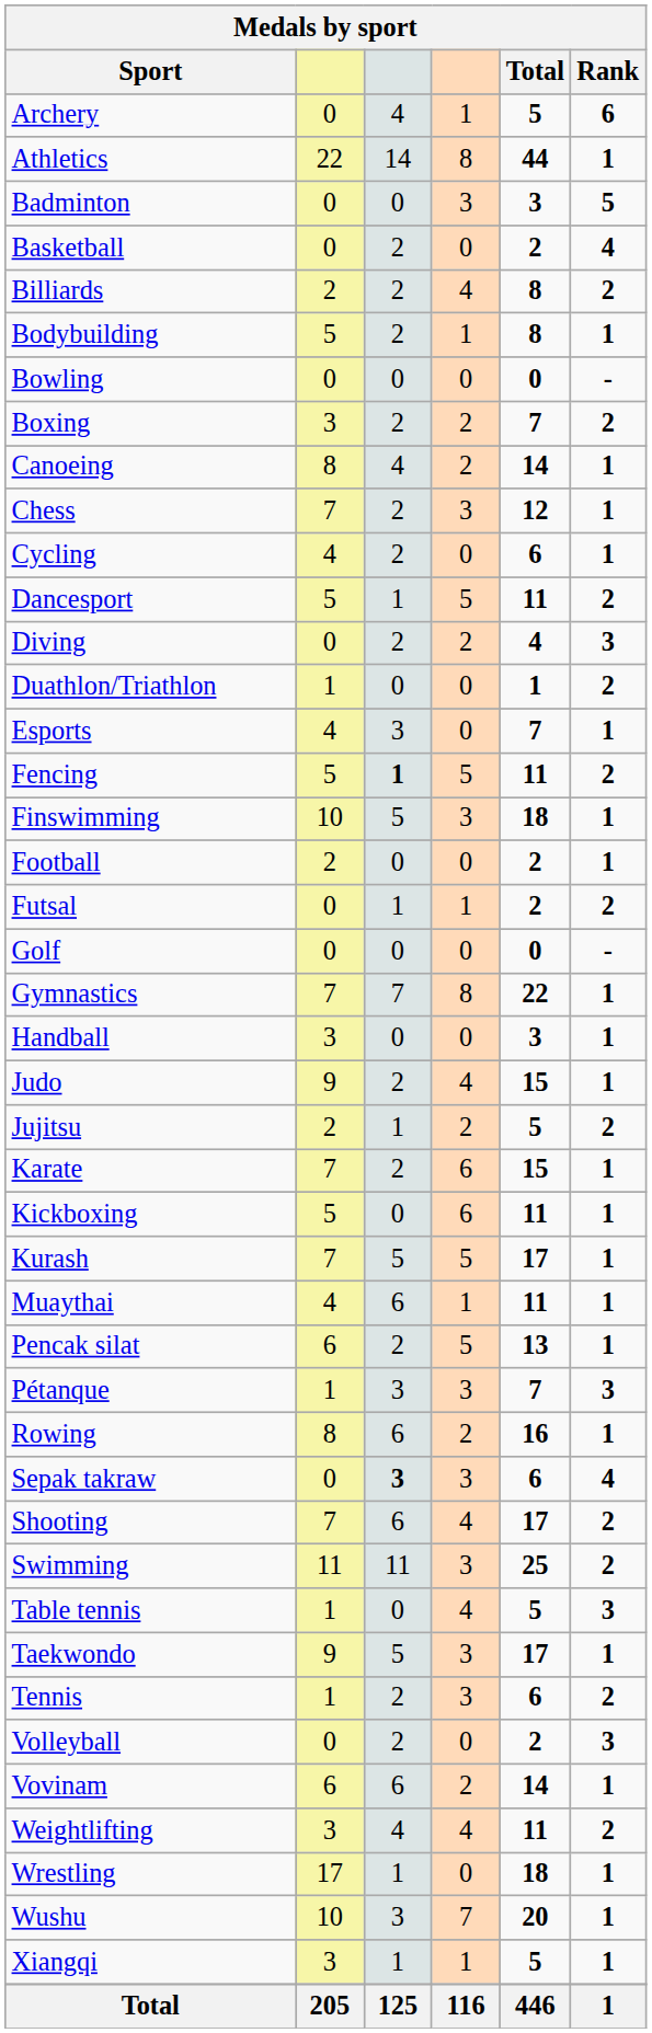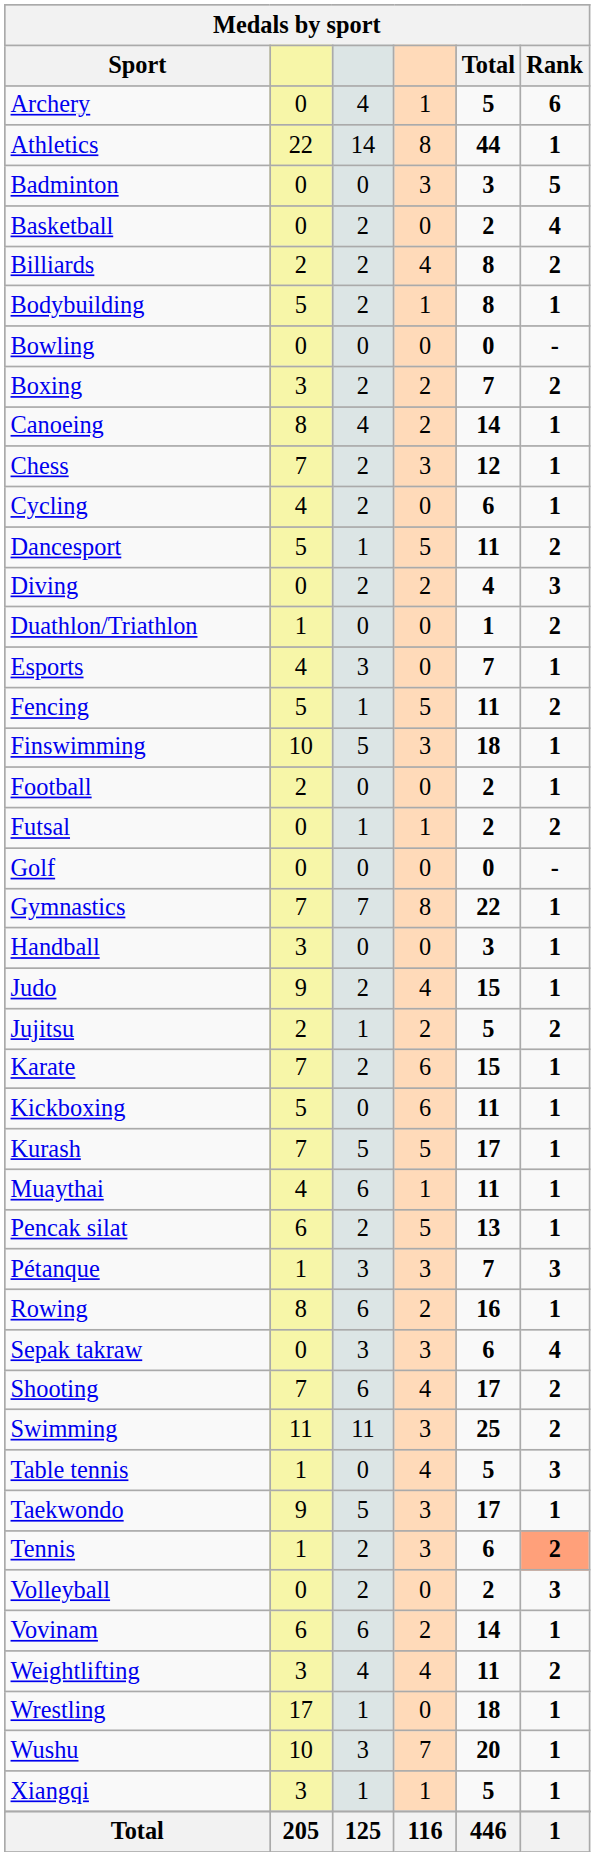 <table class="wikitable sortable" style="font-size:90%; text-align:center;">
 <tr>
 <th colspan=6>Medals by sport</th>
 </tr>
 <tr>
 <th width=150>Sport</th>
 <th scope="col" width=30 style="background:#F7F6A8;"></th>
 <th scope="col" width=30 style="background:#DCE5E5;"></th>
 <th scope="col" width=30 style="background:#FFDAB9;"></th>
 <th width=30>Total</th>
 <th width=30>Rank</th>
 </tr>
 <tr>
 <td align=left><a href='#'>Archery</a></td>
 <td style="background:#F7F6A8;">0</td>
 <td style="background:#DCE5E5;">4</td>
 <td style="background:#FFDAB9;">1</td>
 <td><strong>5</strong></td>
 <td><strong>6</strong></td>
 </tr>
 <tr>
 <td align=left><a href='#'>Athletics</a></td>
 <td style="background:#F7F6A8;">22</td>
 <td style="background:#DCE5E5;">14</td>
 <td style="background:#FFDAB9;">8</td>
 <td><strong>44</strong></td>
 <td><strong>1</strong></td>
 </tr>
 <tr>
 <td align=left><a href='#'>Badminton</a></td>
 <td style="background:#F7F6A8;">0</td>
 <td style="background:#DCE5E5;">0</td>
 <td style="background:#FFDAB9;">3</td>
 <td><strong>3</strong></td>
 <td><strong>5</strong></td>
 </tr>
 <tr>
 <td align="left"><a href='#'>Basketball</a></td>
 <td style="background:#F7F6A8;">0</td>
 <td style="background:#DCE5E5;">2</td>
 <td style="background:#FFDAB9;">0</td>
 <td><strong>2</strong></td>
 <td><strong>4</strong></td>
 </tr>
 <tr>
 <td align="left"><a href='#'>Billiards</a></td>
 <td style="background:#F7F6A8;">2</td>
 <td style="background:#DCE5E5;">2</td>
 <td style="background:#FFDAB9;">4</td>
 <td><strong>8</strong></td>
 <td><strong>2</strong></td>
 </tr>
 <tr>
 <td align="left"><a href='#'>Bodybuilding</a></td>
 <td style="background:#F7F6A8;">5</td>
 <td style="background:#DCE5E5;">2</td>
 <td style="background:#FFDAB9;">1</td>
 <td><strong>8</strong></td>
 <td><strong>1</strong></td>
 </tr>
 <tr>
 <td align="left"><a href='#'>Bowling</a></td>
 <td style="background:#F7F6A8;">0</td>
 <td style="background:#DCE5E5;">0</td>
 <td style="background:#FFDAB9;">0</td>
 <td><strong>0</strong></td>
 <td><strong>-</strong></td>
 </tr>
 <tr>
 <td align="left"><a href='#'>Boxing</a></td>
 <td style="background:#F7F6A8;">3</td>
 <td style="background:#DCE5E5;">2</td>
 <td style="background:#FFDAB9;">2</td>
 <td><strong>7</strong></td>
 <td><strong>2</strong></td>
 </tr>
 <tr>
 <td align="left"><a href='#'>Canoeing</a></td>
 <td style="background:#F7F6A8;">8</td>
 <td style="background:#DCE5E5;">4</td>
 <td style="background:#FFDAB9;">2</td>
 <td><strong>14</strong></td>
 <td><strong>1</strong></td>
 </tr>
 <tr>
 <td align="left"><a href='#'>Chess</a></td>
 <td style="background:#F7F6A8;">7</td>
 <td style="background:#DCE5E5;">2</td>
 <td style="background:#FFDAB9;">3</td>
 <td><strong>12</strong></td>
 <td><strong>1</strong></td>
 </tr>
 <tr>
 <td align="left"><a href='#'>Cycling</a></td>
 <td style="background:#F7F6A8;">4</td>
 <td style="background:#DCE5E5;">2</td>
 <td style="background:#FFDAB9;">0</td>
 <td><strong>6</strong></td>
 <td><strong>1</strong></td>
 </tr>
 <tr>
 <td align="left"><a href='#'>Dancesport</a></td>
 <td style="background:#F7F6A8;">5</td>
 <td style="background:#DCE5E5;">1</td>
 <td style="background:#FFDAB9;">5</td>
 <td><strong>11</strong></td>
 <td><strong>2</strong></td>
 </tr>
 <tr>
 <td align="left"><a href='#'>Diving</a></td>
 <td style="background:#F7F6A8;">0</td>
 <td style="background:#DCE5E5;">2</td>
 <td style="background:#FFDAB9;">2</td>
 <td><strong>4</strong></td>
 <td><strong>3</strong></td>
 </tr>
 <tr>
 <td align="left"><a href='#'>Duathlon/Triathlon</a></td>
 <td style="background:#F7F6A8;">1</td>
 <td style="background:#DCE5E5;">0</td>
 <td style="background:#FFDAB9;">0</td>
 <td><strong>1</strong></td>
 <td><strong>2</strong></td>
 </tr>
 <tr>
 <td align="left"><a href='#'>Esports</a></td>
 <td style="background:#F7F6A8;">4</td>
 <td style="background:#DCE5E5;">3</td>
 <td style="background:#FFDAB9;">0</td>
 <td><strong>7</strong></td>
 <td><strong>1</strong></td>
 </tr>
 <tr>
 <td align="left"><a href='#'>Fencing</a></td>
 <td style="background:#F7F6A8;">5</td>
-<td style="background:#DCE5E5;"><strong>1</strong></td>
+<td style="background:#DCE5E5;">1</td>
 <td style="background:#FFDAB9;">5</td>
 <td><strong>11</strong></td>
 <td><strong>2</strong></td>
 </tr>
 <tr>
 <td align="left"><a href='#'>Finswimming</a></td>
 <td style="background:#F7F6A8;">10</td>
 <td style="background:#DCE5E5;">5</td>
 <td style="background:#FFDAB9;">3</td>
 <td><strong>18</strong></td>
 <td><strong>1</strong></td>
 </tr>
 <tr>
 <td align="left"><a href='#'>Football</a></td>
 <td style="background:#F7F6A8;">2</td>
 <td style="background:#DCE5E5;">0</td>
 <td style="background:#FFDAB9;">0</td>
 <td><strong>2</strong></td>
 <td><strong>1</strong></td>
 </tr>
 <tr>
 <td align="left"><a href='#'>Futsal</a></td>
 <td style="background:#F7F6A8;">0</td>
 <td style="background:#DCE5E5;">1</td>
 <td style="background:#FFDAB9;">1</td>
 <td><strong>2</strong></td>
 <td><strong>2</strong></td>
 </tr>
 <tr>
 <td align="left"><a href='#'>Golf</a></td>
 <td style="background:#F7F6A8;">0</td>
 <td style="background:#DCE5E5;">0</td>
 <td style="background:#FFDAB9;">0</td>
 <td><strong>0</strong></td>
 <td><strong>-</strong></td>
 </tr>
 <tr>
 <td align="left"><a href='#'>Gymnastics</a></td>
 <td style="background:#F7F6A8;">7</td>
 <td style="background:#DCE5E5;">7</td>
 <td style="background:#FFDAB9;">8</td>
 <td><strong>22</strong></td>
 <td><strong>1</strong></td>
 </tr>
 <tr>
 <td align="left"><a href='#'>Handball</a></td>
 <td style="background:#F7F6A8;">3</td>
 <td style="background:#DCE5E5;">0</td>
 <td style="background:#FFDAB9;">0</td>
 <td><strong>3</strong></td>
 <td><strong>1</strong></td>
 </tr>
 <tr>
 <td align="left"><a href='#'>Judo</a></td>
 <td style="background:#F7F6A8;">9</td>
 <td style="background:#DCE5E5;">2</td>
 <td style="background:#FFDAB9;">4</td>
 <td><strong>15</strong></td>
 <td><strong>1</strong></td>
 </tr>
 <tr>
 <td align="left"><a href='#'>Jujitsu</a></td>
 <td style="background:#F7F6A8;">2</td>
 <td style="background:#DCE5E5;">1</td>
 <td style="background:#FFDAB9;">2</td>
 <td><strong>5</strong></td>
 <td><strong>2</strong></td>
 </tr>
 <tr>
 <td align="left"><a href='#'>Karate</a></td>
 <td style="background:#F7F6A8;">7</td>
 <td style="background:#DCE5E5;">2</td>
 <td style="background:#FFDAB9;">6</td>
 <td><strong>15</strong></td>
 <td><strong>1</strong></td>
 </tr>
 <tr>
 <td align="left"><a href='#'>Kickboxing</a></td>
 <td style="background:#F7F6A8;">5</td>
 <td style="background:#DCE5E5;">0</td>
 <td style="background:#FFDAB9;">6</td>
 <td><strong>11</strong></td>
 <td><strong>1</strong></td>
 </tr>
 <tr>
 <td align="left"><a href='#'>Kurash</a></td>
 <td style="background:#F7F6A8;">7</td>
 <td style="background:#DCE5E5;">5</td>
 <td style="background:#FFDAB9;">5</td>
 <td><strong>17</strong></td>
 <td><strong>1</strong></td>
 </tr>
 <tr>
 <td align="left"><a href='#'>Muaythai</a></td>
 <td style="background:#F7F6A8;">4</td>
 <td style="background:#DCE5E5;">6</td>
 <td style="background:#FFDAB9;">1</td>
 <td><strong>11</strong></td>
 <td><strong>1</strong></td>
 </tr>
 <tr>
 <td align="left"><a href='#'>Pencak silat</a></td>
 <td style="background:#F7F6A8;">6</td>
 <td style="background:#DCE5E5;">2</td>
 <td style="background:#FFDAB9;">5</td>
 <td><strong>13</strong></td>
 <td><strong>1</strong></td>
 </tr>
 <tr>
 <td align="left"><a href='#'>Pétanque</a></td>
 <td style="background:#F7F6A8;">1</td>
 <td style="background:#DCE5E5;">3</td>
 <td style="background:#FFDAB9;">3</td>
 <td><strong>7</strong></td>
 <td><strong>3</strong></td>
 </tr>
 <tr>
 <td align="left"><a href='#'>Rowing</a></td>
 <td style="background:#F7F6A8;">8</td>
 <td style="background:#DCE5E5;">6</td>
 <td style="background:#FFDAB9;">2</td>
 <td><strong>16</strong></td>
 <td><strong>1</strong></td>
 </tr>
 <tr>
 <td align="left"><a href='#'>Sepak takraw</a></td>
 <td style="background:#F7F6A8;">0</td>
-<td style="background:#DCE5E5;"><strong>3</strong></td>
+<td style="background:#DCE5E5;">3</td>
 <td style="background:#FFDAB9;">3</td>
 <td><strong>6</strong></td>
 <td><strong>4</strong></td>
 </tr>
 <tr>
 <td align="left"><a href='#'>Shooting</a></td>
 <td style="background:#F7F6A8;">7</td>
 <td style="background:#DCE5E5;">6</td>
 <td style="background:#FFDAB9;">4</td>
 <td><strong>17</strong></td>
 <td><strong>2</strong></td>
 </tr>
 <tr>
 <td align="left"><a href='#'>Swimming</a></td>
 <td style="background:#F7F6A8;">11</td>
 <td style="background:#DCE5E5;">11</td>
 <td style="background:#FFDAB9;">3</td>
 <td><strong>25</strong></td>
 <td><strong>2</strong></td>
 </tr>
 <tr>
 <td align="left"><a href='#'>Table tennis</a></td>
 <td style="background:#F7F6A8;">1</td>
 <td style="background:#DCE5E5;">0</td>
 <td style="background:#FFDAB9;">4</td>
 <td><strong>5</strong></td>
 <td><strong>3</strong></td>
 </tr>
 <tr>
 <td align="left"><a href='#'>Taekwondo</a></td>
 <td style="background:#F7F6A8;">9</td>
 <td style="background:#DCE5E5;">5</td>
 <td style="background:#FFDAB9;">3</td>
 <td><strong>17</strong></td>
 <td><strong>1</strong></td>
 </tr>
 <tr>
 <td align="left"><a href='#'>Tennis</a></td>
 <td style="background:#F7F6A8;">1</td>
 <td style="background:#DCE5E5;">2</td>
 <td style="background:#FFDAB9;">3</td>
 <td><strong>6</strong></td>
-<td><strong>2</strong></td>
+<td style="background: lightsalmon;"><strong>2</strong></td>
 </tr>
 <tr>
 <td align="left"><a href='#'>Volleyball</a></td>
 <td style="background:#F7F6A8;">0</td>
 <td style="background:#DCE5E5;">2</td>
 <td style="background:#FFDAB9;">0</td>
 <td><strong>2</strong></td>
 <td><strong>3</strong></td>
 </tr>
 <tr>
 <td align="left"><a href='#'>Vovinam</a></td>
 <td style="background:#F7F6A8;">6</td>
 <td style="background:#DCE5E5;">6</td>
 <td style="background:#FFDAB9;">2</td>
 <td><strong>14</strong></td>
 <td><strong>1</strong></td>
 </tr>
 <tr>
 <td align="left"><a href='#'>Weightlifting</a></td>
 <td style="background:#F7F6A8;">3</td>
 <td style="background:#DCE5E5;">4</td>
 <td style="background:#FFDAB9;">4</td>
 <td><strong>11</strong></td>
 <td><strong>2</strong></td>
 </tr>
 <tr>
 <td align="left"><a href='#'>Wrestling</a></td>
 <td style="background:#F7F6A8;">17</td>
 <td style="background:#DCE5E5;">1</td>
 <td style="background:#FFDAB9;">0</td>
 <td><strong>18</strong></td>
 <td><strong>1</strong></td>
 </tr>
 <tr>
 <td align="left"><a href='#'>Wushu</a></td>
 <td style="background:#F7F6A8;">10</td>
 <td style="background:#DCE5E5;">3</td>
 <td style="background:#FFDAB9;">7</td>
 <td><strong>20</strong></td>
 <td><strong>1</strong></td>
 </tr>
 <tr>
 <td align="left"><a href='#'>Xiangqi</a></td>
 <td style="background:#F7F6A8;">3</td>
 <td style="background:#DCE5E5;">1</td>
 <td style="background:#FFDAB9;">1</td>
 <td><strong>5</strong></td>
 <td><strong>1</strong></td>
 </tr>
 <tr>
 </tr>
 <tr class="sortbottom">
 <th>Total</th>
 <th>205</th>
 <th>125</th>
 <th>116</th>
 <th>446</th>
 <th>1</th>
 </tr>
 </table>
